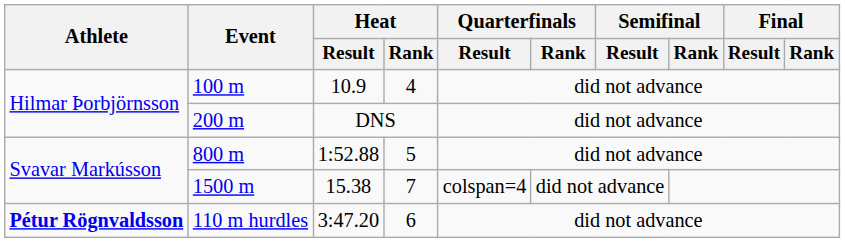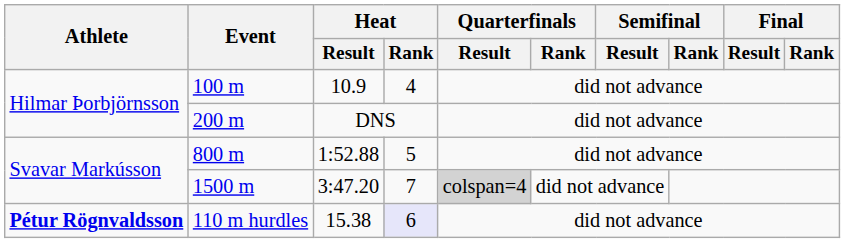 <table class="wikitable" style="font-size:90%">
 <tr>
 <th rowspan="2">Athlete</th>
 <th rowspan="2">Event</th>
 <th colspan="2">Heat</th>
 <th colspan="2">Quarterfinals</th>
 <th colspan="2">Semifinal</th>
 <th colspan="2">Final</th>
 </tr>
 <tr style="font-size:95%">
 <th>Result</th>
 <th>Rank</th>
 <th>Result</th>
 <th>Rank</th>
 <th>Result</th>
 <th>Rank</th>
 <th>Result</th>
 <th>Rank</th>
 </tr>
 <tr align=center>
 <td align=left rowspan=2><a href='#'>Hilmar Þorbjörnsson</a></td>
 <td align=left><a href='#'>100 m</a></td>
 <td>10.9</td>
 <td>4</td>
 <td colspan=6>did not advance</td>
 </tr>
 <tr align=center>
 <td align=left><a href='#'>200 m</a></td>
 <td colspan=2>DNS</td>
 <td colspan=6>did not advance</td>
 </tr>
 <tr align=center>
 <td align=left rowspan=2><a href='#'>Svavar Markússon</a></td>
 <td align=left><a href='#'>800 m</a></td>
 <td>1:52.88</td>
 <td>5</td>
 <td colspan=6>did not advance</td>
 </tr>
 <tr align=center>
 <td align=left><a href='#'>1500 m</a></td>
-<td>15.38</td>
+<td>3:47.20</td>
 <td>7</td>
-<td>colspan=4 </td>
+<td style="background: lightgrey;">colspan=4 </td>
 <td colspan=2>did not advance</td>
 </tr>
 <tr align=center>
 <td align=left><strong><a href='#'>Pétur Rögnvaldsson</a></strong></td>
 <td align=left><a href='#'>110 m hurdles</a></td>
-<td>3:47.20</td>
-<td>6</td>
+<td>15.38</td>
+<td style="background: lavender;">6</td>
 <td colspan=6>did not advance</td>
 </tr>
 </table>
